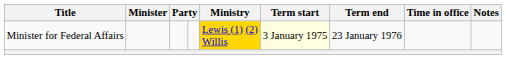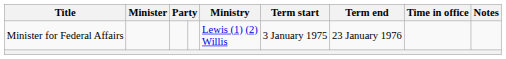 <table class="wikitable sortable">
 <tr>
 <th>Title</th>
 <th>Minister</th>
 <th colspan=2>Party</th>
 <th>Ministry</th>
 <th>Term start</th>
 <th>Term end</th>
 <th>Time in office</th>
 <th class="unsortable">Notes</th>
 </tr>
 <tr>
 <td>Minister for Federal Affairs</td>
 <td></td>
 <td> </td>
 <td></td>
-<td style="background: gold;"><a href='#'>Lewis (1)</a> <a href='#'>(2)</a><br><a href='#'>Willis</a></td>
-<td align=center style="background: lightyellow;">3 January 1975</td>
+<td><a href='#'>Lewis (1)</a> <a href='#'>(2)</a><br><a href='#'>Willis</a></td>
+<td align=center>3 January 1975</td>
 <td align=center>23 January 1976</td>
 <td align=right></td>
 <td></td>
 </tr>
 <tr>
 <th colspan="9"></th>
 </tr>
 </table>
